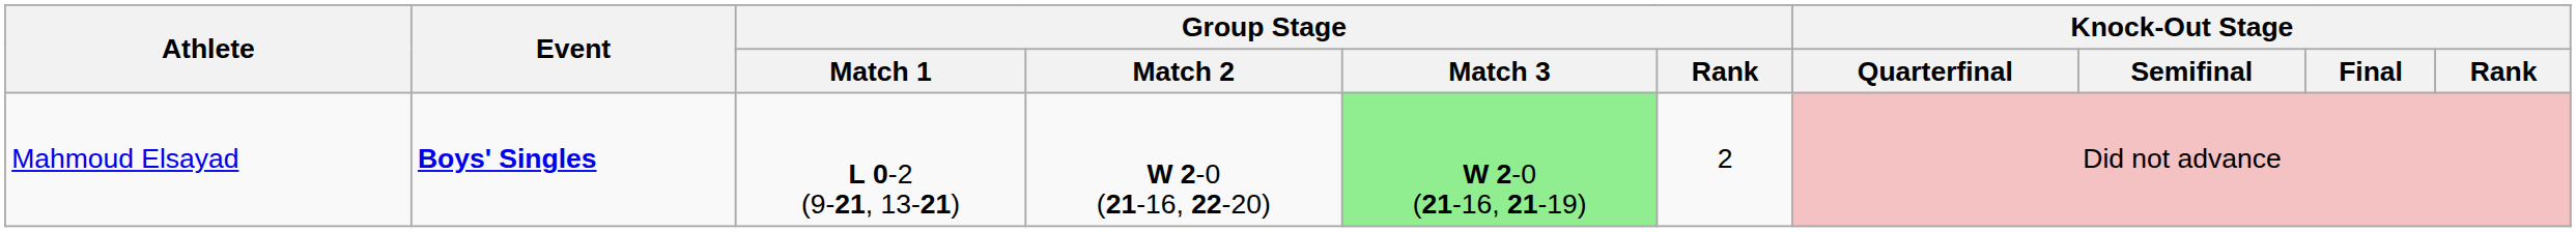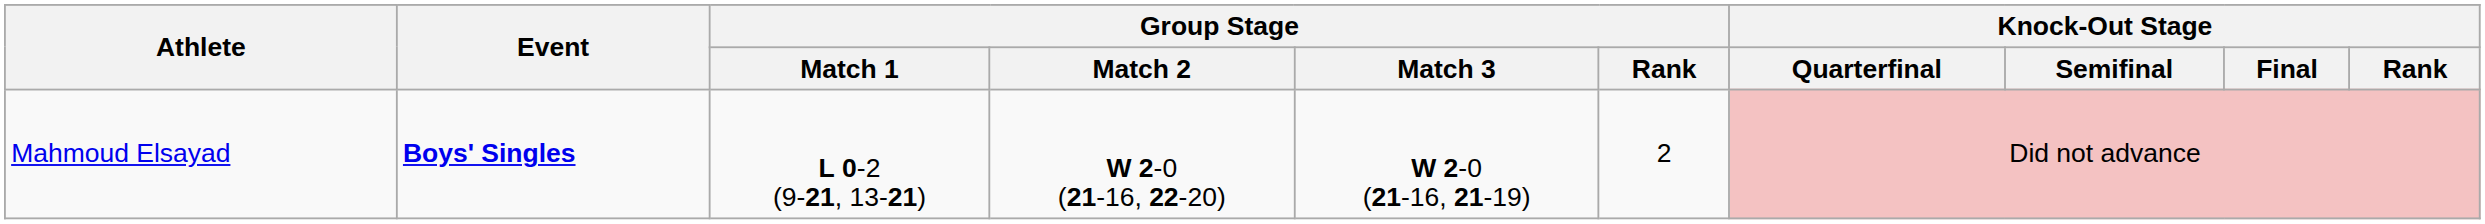 <table class="wikitable" width="85%" style="text-align:left; font-size:90%">
 <tr>
 <th rowspan=2>Athlete</th>
 <th rowspan=2>Event</th>
 <th colspan=4>Group Stage</th>
 <th colspan=4>Knock-Out Stage</th>
 </tr>
 <tr>
 <th>Match 1</th>
 <th>Match 2</th>
 <th>Match 3</th>
 <th>Rank</th>
 <th>Quarterfinal</th>
 <th>Semifinal</th>
 <th>Final</th>
 <th>Rank</th>
 </tr>
 <tr>
 <td><a href='#'>Mahmoud Elsayad</a></td>
 <td><strong><a href='#'>Boys' Singles</a></strong></td>
 <td align=center> <br><br><strong>L</strong> <strong>0</strong>-2 <br> (9-<strong>21</strong>, 13-<strong>21</strong>)</td>
 <td align=center> <br><br><strong>W</strong> <strong>2</strong>-0 <br> (<strong>21</strong>-16, <strong>22</strong>-20)</td>
-<td align=center style="background: lightgreen;"> <br><br><strong>W</strong> <strong>2</strong>-0 <br> (<strong>21</strong>-16, <strong>21</strong>-19)</td>
+<td align=center> <br><br><strong>W</strong> <strong>2</strong>-0 <br> (<strong>21</strong>-16, <strong>21</strong>-19)</td>
 <td align=center>2</td>
 <td bgcolor="f4c2c2" colspan="4" align=center>Did not advance</td>
 </tr>
 </table>
